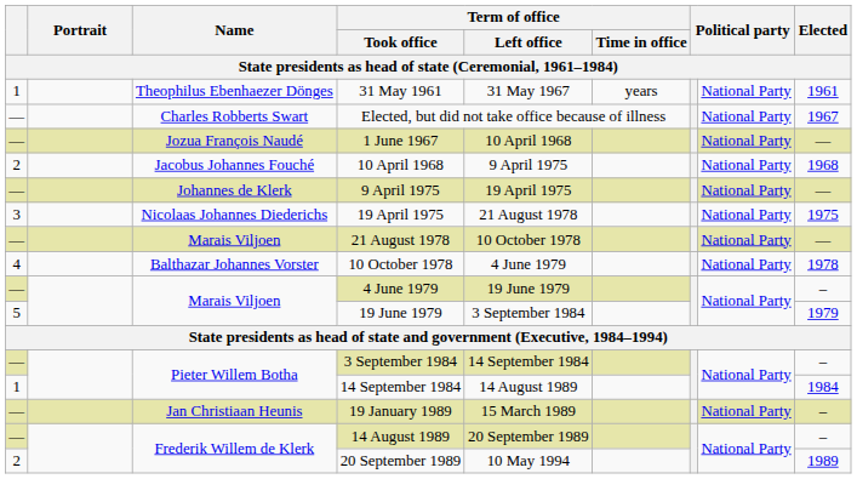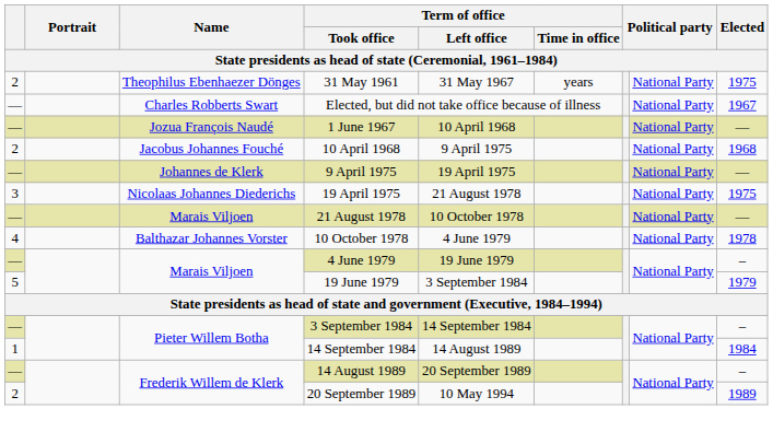 <table class="wikitable" style="text-align:center;">
 <tr>
 <th rowspan="2"></th>
 <th rowspan="2" width="100px">Portrait</th>
 <th rowspan="2">Name<br></th>
 <th colspan="3">Term of office</th>
 <th colspan="2" rowspan="2">Political party</th>
 <th rowspan="2">Elected</th>
 </tr>
 <tr>
 <th>Took office</th>
 <th>Left office</th>
 <th>Time in office</th>
 </tr>
 <tr>
 <th colspan="9">State presidents as head of state (Ceremonial, 1961–1984)</th>
 </tr>
 <tr>
-<td>1</td>
+<td>2</td>
 <td></td>
 <td><a href='#'>Theophilus Ebenhaezer Dönges</a><br></td>
 <td>31 May 1961</td>
 <td>31 May 1967</td>
 <td> years</td>
 <th style="background:"></th>
 <td><a href='#'>National Party</a></td>
-<td><a href='#'>1961</a></td>
+<td><a href='#'>1975</a></td>
 </tr>
 <tr>
 <td>—</td>
 <td></td>
 <td><a href='#'>Charles Robberts Swart</a><br></td>
 <td colspan="3">Elected, but did not take office because of illness</td>
 <th style="background:"></th>
 <td><a href='#'>National Party</a></td>
 <td><a href='#'>1967</a></td>
 </tr>
 <tr style="background:#E6E6AA">
 <td>—</td>
 <td></td>
 <td><a href='#'>Jozua François Naudé</a><br></td>
 <td>1 June 1967</td>
 <td>10 April 1968</td>
 <td></td>
 <th style="background:"></th>
 <td><a href='#'>National Party</a></td>
 <td>—</td>
 </tr>
 <tr>
 <td>2</td>
 <td></td>
 <td><a href='#'>Jacobus Johannes Fouché</a><br></td>
 <td>10 April 1968</td>
 <td>9 April 1975</td>
 <td></td>
 <th style="background:"></th>
 <td><a href='#'>National Party</a></td>
 <td><a href='#'>1968</a></td>
 </tr>
 <tr style="background:#E6E6AA">
 <td>—</td>
 <td></td>
 <td><a href='#'>Johannes de Klerk</a><br></td>
 <td>9 April 1975</td>
 <td>19 April 1975</td>
 <td></td>
 <th style="background:"></th>
 <td><a href='#'>National Party</a></td>
 <td>—</td>
 </tr>
 <tr>
 <td>3</td>
 <td></td>
 <td><a href='#'>Nicolaas Johannes Diederichs</a><br></td>
 <td>19 April 1975</td>
 <td>21 August 1978<br></td>
 <td></td>
 <th style="background:"></th>
 <td><a href='#'>National Party</a></td>
 <td><a href='#'>1975</a></td>
 </tr>
 <tr style="background:#E6E6AA">
 <td>—</td>
 <td></td>
 <td><a href='#'>Marais Viljoen</a><br></td>
 <td>21 August 1978</td>
 <td>10 October 1978</td>
 <td></td>
 <th style="background:"></th>
 <td><a href='#'>National Party</a></td>
 <td>—</td>
 </tr>
 <tr>
 <td>4</td>
 <td></td>
 <td><a href='#'>Balthazar Johannes Vorster</a><br></td>
 <td>10 October 1978</td>
 <td>4 June 1979<br></td>
 <td></td>
 <th style="background:"></th>
 <td><a href='#'>National Party</a></td>
 <td><a href='#'>1978</a></td>
 </tr>
 <tr>
 <td style="background:#E6E6AA">—</td>
 <td rowspan=2></td>
 <td rowspan=2><a href='#'>Marais Viljoen</a><br></td>
 <td style="background:#E6E6AA">4 June 1979</td>
 <td style="background:#E6E6AA">19 June 1979</td>
 <td style="background:#E6E6AA"></td>
 <th rowspan=2 style="background:"></th>
 <td rowspan=2><a href='#'>National Party</a></td>
 <td>–</td>
 </tr>
 <tr>
 <td>5</td>
 <td>19 June 1979</td>
 <td>3 September 1984</td>
 <td></td>
 <td><a href='#'>1979</a></td>
 </tr>
 <tr>
 <th colspan="9">State presidents as head of state and government (Executive, 1984–1994)</th>
 </tr>
 <tr>
 <td style="background:#E6E6AA">—</td>
 <td rowspan=2></td>
 <td rowspan=2><a href='#'>Pieter Willem Botha</a><br></td>
 <td style="background:#E6E6AA">3 September 1984</td>
 <td style="background:#E6E6AA">14 September 1984</td>
 <td style="background:#E6E6AA"></td>
 <th rowspan=2 style="background:"></th>
 <td rowspan=2><a href='#'>National Party</a></td>
 <td>–</td>
 </tr>
 <tr>
 <td>1</td>
 <td>14 September 1984</td>
 <td>14 August 1989<br></td>
 <td></td>
 <td><a href='#'>1984</a></td>
 </tr>
-<tr style="background:#E6E6AA">
-<td>—</td>
-<td></td>
-<td><a href='#'>Jan Christiaan Heunis</a><br></td>
-<td>19 January 1989</td>
-<td>15 March 1989</td>
-<td></td>
-<th style="background:"></th>
-<td><a href='#'>National Party</a></td>
-<td>–</td>
-</tr>
 <tr>
 <td style="background:#E6E6AA">—</td>
 <td rowspan=2></td>
 <td rowspan=2><a href='#'>Frederik Willem de Klerk</a><br></td>
 <td style="background:#E6E6AA">14 August 1989</td>
 <td style="background:#E6E6AA">20 September 1989</td>
 <td style="background:#E6E6AA"></td>
 <th rowspan=2 style="background:"></th>
 <td rowspan=2><a href='#'>National Party</a></td>
 <td>–</td>
 </tr>
 <tr>
 <td>2</td>
 <td>20 September 1989</td>
 <td>10 May 1994</td>
 <td></td>
 <td><a href='#'>1989</a></td>
 </tr>
 </table>
